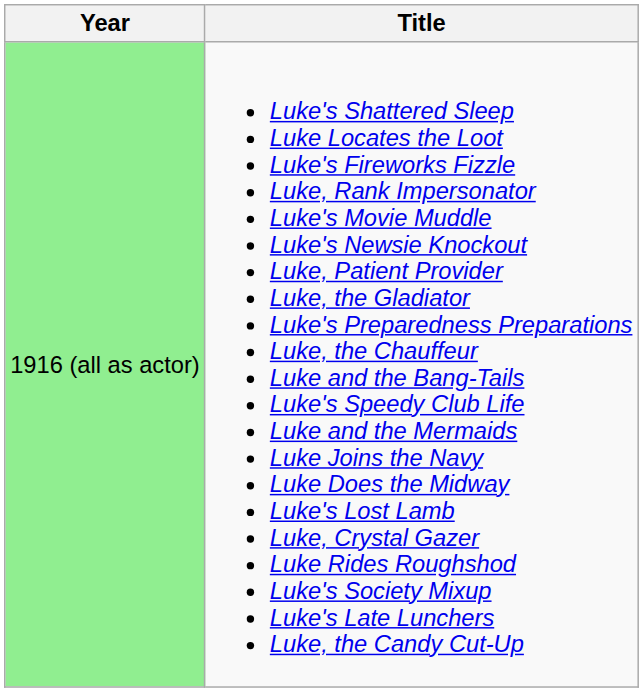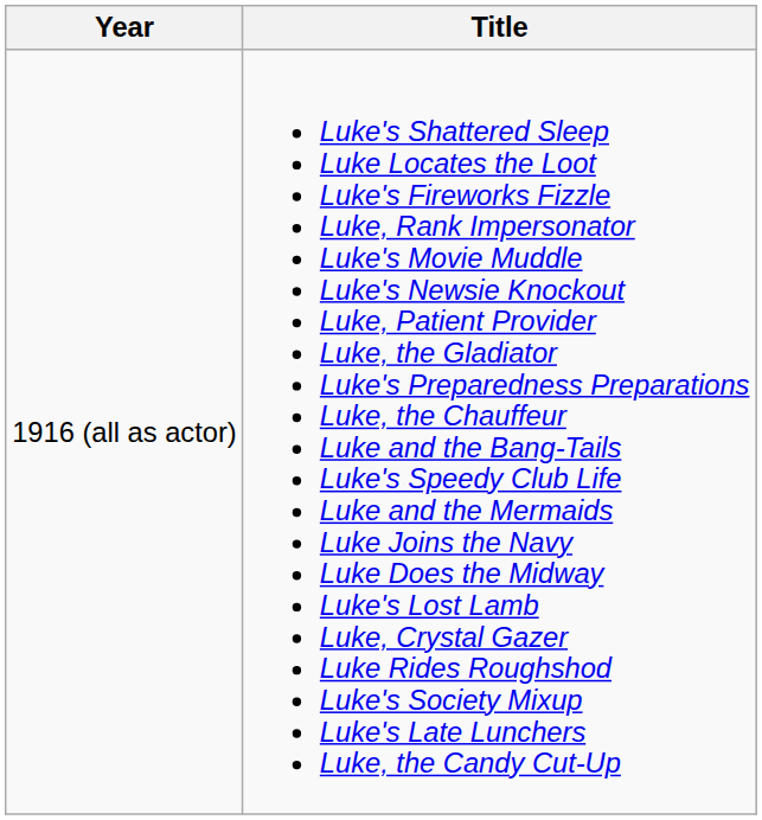 <table class="wikitable sortable">
 <tr>
 <th>Year</th>
 <th>Title</th>
 </tr>
 <tr>
-<td style="background: lightgreen;">1916 (all as actor)</td>
+<td>1916 (all as actor)</td>
 <td><br><ul><li><em><a href='#'>Luke's Shattered Sleep</a></em></li><li><em><a href='#'>Luke Locates the Loot</a></em></li><li><em><a href='#'>Luke's Fireworks Fizzle</a></em></li><li><em><a href='#'>Luke, Rank Impersonator</a></em></li><li><em><a href='#'>Luke's Movie Muddle</a></em></li><li><em><a href='#'>Luke's Newsie Knockout</a></em></li><li><em><a href='#'>Luke, Patient Provider</a></em></li><li><em><a href='#'>Luke, the Gladiator</a></em></li><li><em><a href='#'>Luke's Preparedness Preparations</a></em></li><li><em><a href='#'>Luke, the Chauffeur</a></em></li><li><em><a href='#'>Luke and the Bang-Tails</a></em></li><li><em><a href='#'>Luke's Speedy Club Life</a></em></li><li><em><a href='#'>Luke and the Mermaids</a></em></li><li><em><a href='#'>Luke Joins the Navy</a></em></li><li><em><a href='#'>Luke Does the Midway</a></em></li><li><em><a href='#'>Luke's Lost Lamb</a></em></li><li><em><a href='#'>Luke, Crystal Gazer</a></em></li><li><em><a href='#'>Luke Rides Roughshod</a></em></li><li><em><a href='#'>Luke's Society Mixup</a></em></li><li><em><a href='#'>Luke's Late Lunchers</a></em></li><li><em><a href='#'>Luke, the Candy Cut-Up</a></em></li></ul></td>
 </tr>
 </table>
